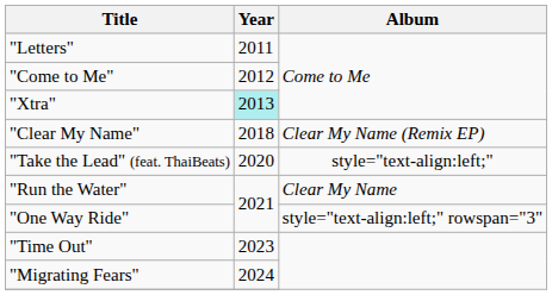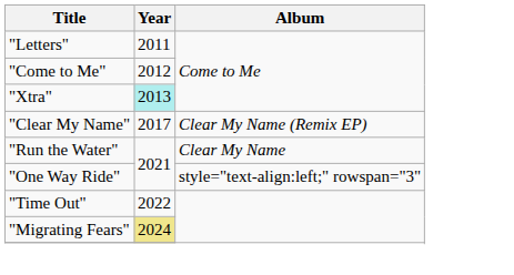 <table class="wikitable plainrowheaders" style="text-align:center;">
 <tr>
 <th scope="col">Title</th>
 <th scope="col">Year</th>
 <th scope="col">Album</th>
 </tr>
 <tr>
 <td style="text-align:left;">"Letters"</td>
 <td style="text-align:left;">2011</td>
 <td style="text-align:left;" rowspan="3"><em>Come to Me</em></td>
 </tr>
 <tr>
 <td style="text-align:left;">"Come to Me"</td>
 <td style="text-align:left;">2012</td>
 </tr>
 <tr>
 <td style="text-align:left;">"Xtra"</td>
 <td style="background: paleturquoise; text-align:left;">2013</td>
 </tr>
 <tr>
 <td style="text-align:left;">"Clear My Name"</td>
-<td style="text-align:left;">2018</td>
+<td style="text-align:left;">2017</td>
 <td style="text-align:left;"><em>Clear My Name (Remix EP)</em></td>
-</tr>
-<tr>
-<td style="text-align:left;">"Take the Lead" <small>(feat. ThaiBeats)</small></td>
-<td style="text-align:left;">2020</td>
-<td>style="text-align:left;" </td>
 </tr>
 <tr>
 <td style="text-align:left;">"Run the Water"</td>
 <td style="text-align:left;" rowspan="2">2021</td>
 <td style="text-align:left;"><em>Clear My Name</em></td>
 </tr>
 <tr>
 <td style="text-align:left;">"One Way Ride"</td>
 <td>style="text-align:left;"  rowspan="3" </td>
 </tr>
 <tr>
 <td style="text-align:left;">"Time Out"</td>
-<td style="text-align:left;">2023</td>
+<td style="text-align:left;">2022</td>
 </tr>
 <tr>
 <td style="text-align:left;">"Migrating Fears"</td>
-<td style="text-align:left;">2024</td>
+<td style="background: khaki; text-align:left;">2024</td>
 </tr>
 <tr>
 </tr>
 </table>
